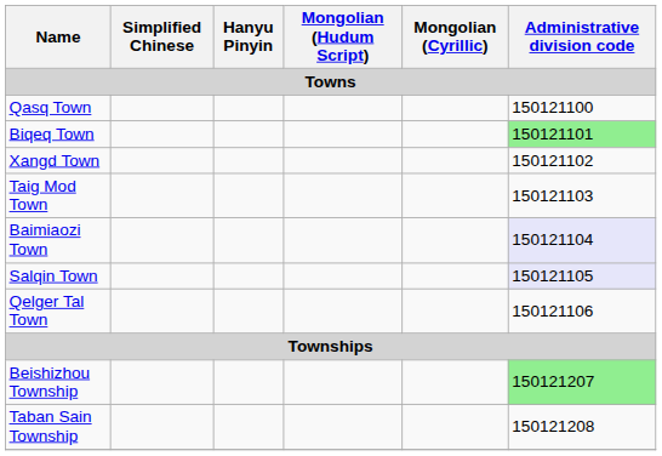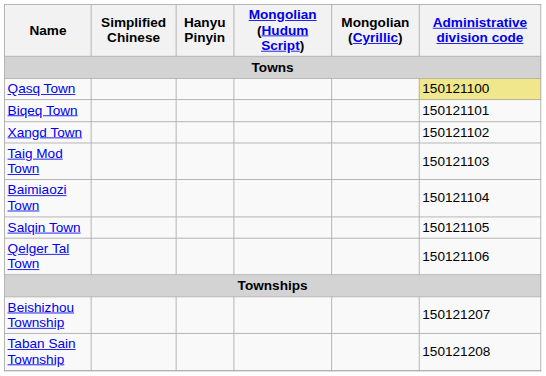 <table class="wikitable" align="center" style="width:50%; border="1">
 <tr>
 <th>Name</th>
 <th>Simplified Chinese</th>
 <th>Hanyu Pinyin</th>
 <th><a href='#'>Mongolian</a> (<a href='#'>Hudum Script</a>)</th>
 <th>Mongolian (<a href='#'>Cyrillic</a>)</th>
 <th><a href='#'>Administrative division code</a></th>
 </tr>
 <tr>
 <td colspan="6"  style="text-align:center; background:#d3d3d3;"><strong>Towns</strong></td>
 </tr>
 <tr --------->
 <td><a href='#'>Qasq Town</a></td>
 <td></td>
 <td></td>
 <td></td>
 <td></td>
-<td>150121100</td>
+<td style="background: khaki;">150121100</td>
 </tr>
 <tr>
 <td><a href='#'>Biqeq Town</a></td>
 <td></td>
 <td></td>
 <td></td>
 <td></td>
-<td style="background: lightgreen;">150121101</td>
+<td>150121101</td>
 </tr>
 <tr>
 <td><a href='#'>Xangd Town</a></td>
 <td></td>
 <td></td>
 <td></td>
 <td></td>
 <td>150121102</td>
 </tr>
 <tr>
 <td><a href='#'>Taig Mod Town</a></td>
 <td></td>
 <td></td>
 <td></td>
 <td></td>
 <td>150121103</td>
 </tr>
 <tr>
 <td><a href='#'>Baimiaozi Town</a></td>
 <td></td>
 <td></td>
 <td></td>
 <td></td>
-<td style="background: lavender;">150121104</td>
+<td>150121104</td>
 </tr>
 <tr>
 <td><a href='#'>Salqin Town</a></td>
 <td></td>
 <td></td>
 <td></td>
 <td></td>
-<td style="background: lavender;">150121105</td>
+<td>150121105</td>
 </tr>
 <tr>
 <td><a href='#'>Qelger Tal Town</a></td>
 <td></td>
 <td></td>
 <td></td>
 <td></td>
 <td>150121106</td>
 </tr>
 <tr>
 <td colspan="6"  style="text-align:center; background:#d3d3d3;"><strong>Townships</strong></td>
 </tr>
 <tr --------->
 <td><a href='#'>Beishizhou Township</a></td>
 <td></td>
 <td></td>
 <td></td>
 <td></td>
-<td style="background: lightgreen;">150121207</td>
+<td>150121207</td>
 </tr>
 <tr>
 <td><a href='#'>Taban Sain Township</a></td>
 <td></td>
 <td></td>
 <td></td>
 <td></td>
 <td>150121208</td>
 </tr>
 <tr>
 </tr>
 </table>
